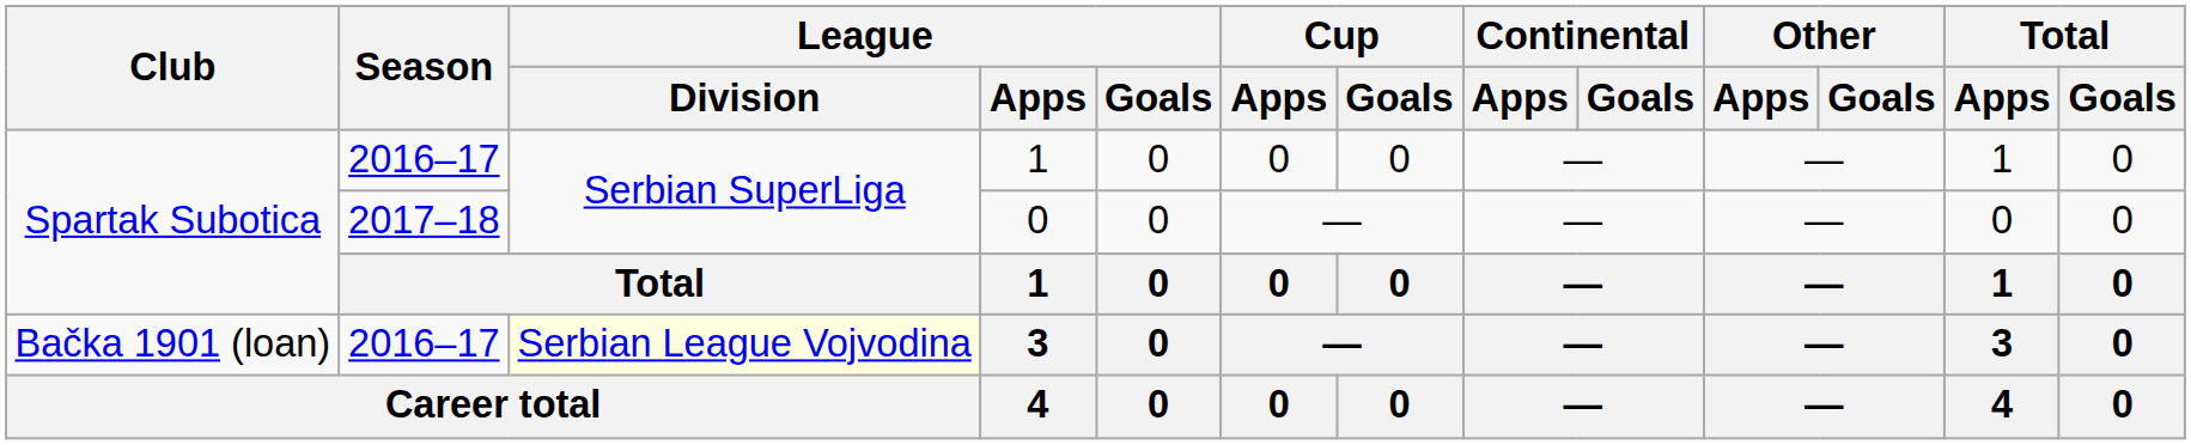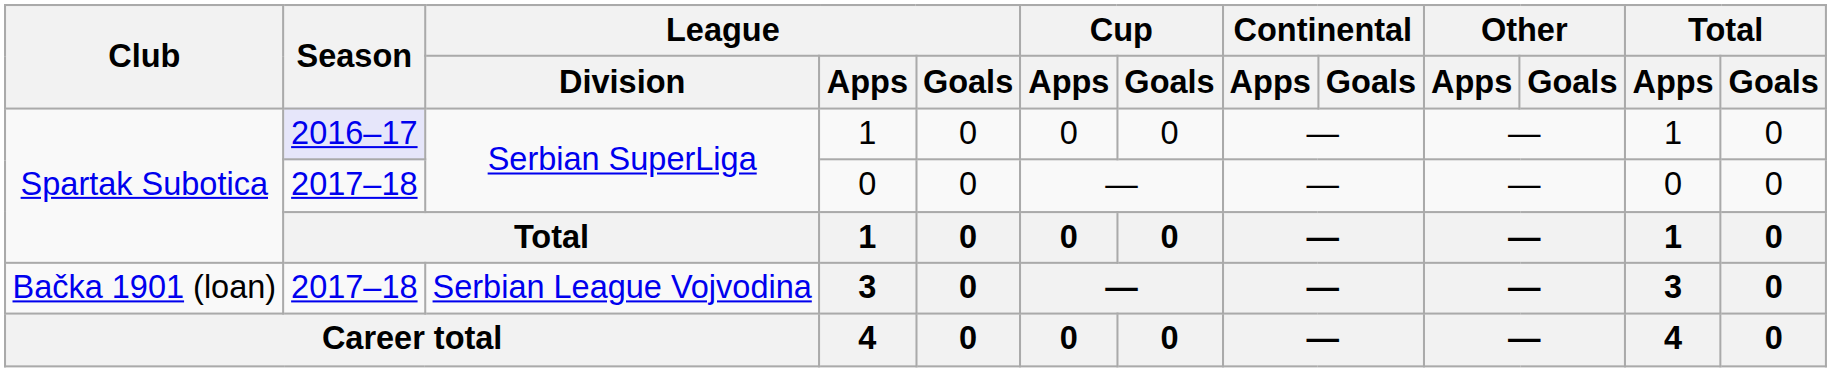 <table class="wikitable" style="text-align:center">
 <tr>
 <th rowspan="2">Club</th>
 <th rowspan="2">Season</th>
 <th colspan="3">League</th>
 <th colspan="2">Cup</th>
 <th colspan="2">Continental</th>
 <th colspan="2">Other</th>
 <th colspan="2">Total</th>
 </tr>
 <tr>
 <th>Division</th>
 <th>Apps</th>
 <th>Goals</th>
 <th>Apps</th>
 <th>Goals</th>
 <th>Apps</th>
 <th>Goals</th>
 <th>Apps</th>
 <th>Goals</th>
 <th>Apps</th>
 <th>Goals</th>
 </tr>
 <tr>
 <td rowspan="3"><a href='#'>Spartak Subotica</a></td>
-<td><a href='#'>2016–17</a></td>
+<td style="background: lavender;"><a href='#'>2016–17</a></td>
 <td rowspan="2"><a href='#'>Serbian SuperLiga</a></td>
 <td>1</td>
 <td>0</td>
 <td>0</td>
 <td>0</td>
 <td colspan="2">—</td>
 <td colspan="2">—</td>
 <td>1</td>
 <td>0</td>
 </tr>
 <tr>
 <td><a href='#'>2017–18</a></td>
 <td>0</td>
 <td>0</td>
 <td colspan="2">—</td>
 <td colspan="2">—</td>
 <td colspan="2">—</td>
 <td>0</td>
 <td>0</td>
 </tr>
 <tr>
 <th colspan="2">Total</th>
 <th>1</th>
 <th>0</th>
 <th>0</th>
 <th>0</th>
 <th colspan="2">—</th>
 <th colspan="2">—</th>
 <th>1</th>
 <th>0</th>
 </tr>
 <tr>
 <td><a href='#'>Bačka 1901</a> (loan)</td>
-<td><a href='#'>2016–17</a></td>
-<td style="background: lightyellow;"><a href='#'>Serbian League Vojvodina</a></td>
+<td><a href='#'>2017–18</a></td>
+<td><a href='#'>Serbian League Vojvodina</a></td>
 <th>3</th>
 <th>0</th>
 <th colspan="2">—</th>
 <th colspan="2">—</th>
 <th colspan="2">—</th>
 <th>3</th>
 <th>0</th>
 </tr>
 <tr>
 <th colspan="3">Career total</th>
 <th>4</th>
 <th>0</th>
 <th>0</th>
 <th>0</th>
 <th colspan="2">—</th>
 <th colspan="2">—</th>
 <th>4</th>
 <th>0</th>
 </tr>
 </table>
